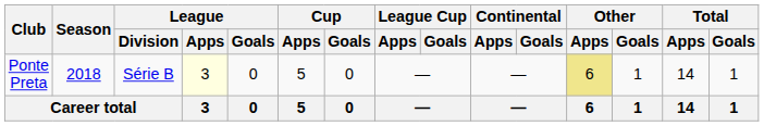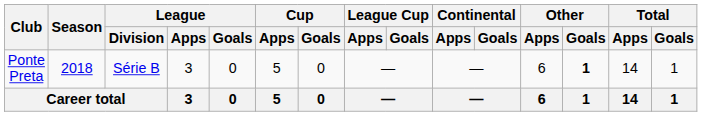 <table class="wikitable" style="text-align:center">
 <tr>
 <th rowspan="2">Club</th>
 <th rowspan="2">Season</th>
 <th colspan="3">League</th>
 <th colspan="2">Cup</th>
 <th colspan="2">League Cup</th>
 <th colspan="2">Continental</th>
 <th colspan="2">Other</th>
 <th colspan="2">Total</th>
 </tr>
 <tr>
 <th>Division</th>
 <th>Apps</th>
 <th>Goals</th>
 <th>Apps</th>
 <th>Goals</th>
 <th>Apps</th>
 <th>Goals</th>
 <th>Apps</th>
 <th>Goals</th>
 <th>Apps</th>
 <th>Goals</th>
 <th>Apps</th>
 <th>Goals</th>
 </tr>
 <tr>
 <td rowspan="1"><a href='#'>Ponte Preta</a></td>
 <td><a href='#'>2018</a></td>
 <td rowspan="1"><a href='#'>Série B</a></td>
-<td style="background: lightyellow;">3</td>
+<td>3</td>
 <td>0</td>
 <td>5</td>
 <td>0</td>
 <td colspan="2">—</td>
 <td colspan="2">—</td>
-<td style="background: khaki;">6</td>
-<td>1</td>
+<td>6</td>
+<td><strong>1</strong></td>
 <td>14</td>
 <td>1</td>
 </tr>
 <tr>
 <th colspan="3">Career total</th>
 <th>3</th>
 <th>0</th>
 <th>5</th>
 <th>0</th>
 <th colspan="2">—</th>
 <th colspan="2">—</th>
 <th>6</th>
 <th>1</th>
 <th>14</th>
 <th>1</th>
 </tr>
 </table>
